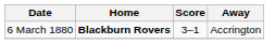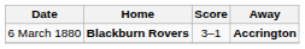 <table class="wikitable" style="text-align: center">
 <tr>
 <th>Date</th>
 <th>Home</th>
 <th>Score</th>
 <th>Away</th>
 </tr>
 <tr>
 <td>6 March 1880</td>
 <td><strong>Blackburn Rovers</strong></td>
 <td>3–1</td>
-<td>Accrington</td>
+<td><strong>Accrington</strong></td>
 </tr>
 <tr>
 </tr>
 </table>
